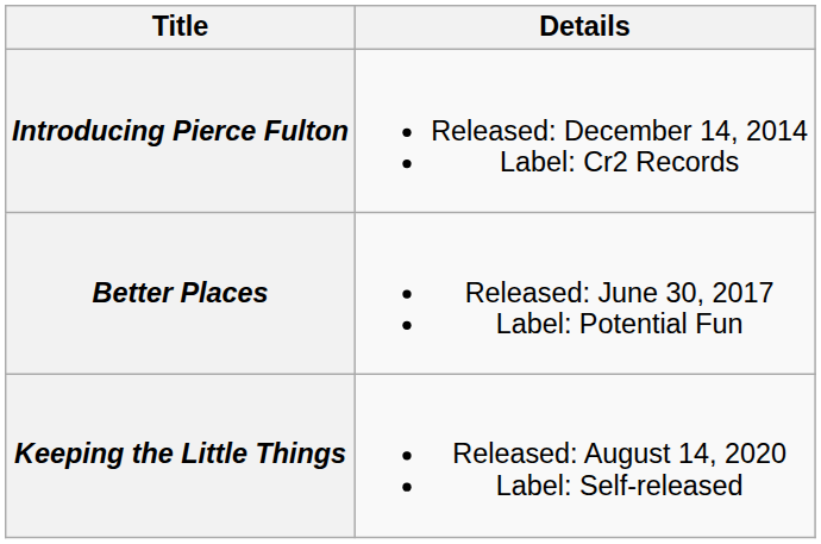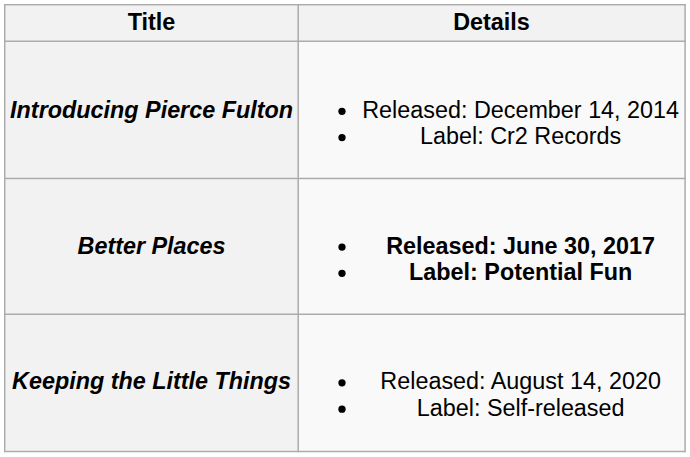 <table class="wikitable plainrowheaders" style="text-align:center;">
 <tr>
 <th scope="col">Title</th>
 <th scope="col">Details</th>
 </tr>
 <tr>
 <th scope="row"><em>Introducing Pierce Fulton</em></th>
 <td><br><ul><li>Released: December 14, 2014</li><li>Label: Cr2 Records</li></ul></td>
 </tr>
 <tr>
 <th scope="row"><em>Better Places</em></th>
-<td><br><ul><li>Released: June 30, 2017</li><li>Label: Potential Fun</li></ul></td>
+<td><strong><br><ul><li>Released: June 30, 2017</li><li>Label: Potential Fun</li></ul></strong></td>
 </tr>
 <tr>
 <th scope="row"><em>Keeping the Little Things</em></th>
 <td><br><ul><li>Released: August 14, 2020</li><li>Label: Self-released</li></ul></td>
 </tr>
 </table>
